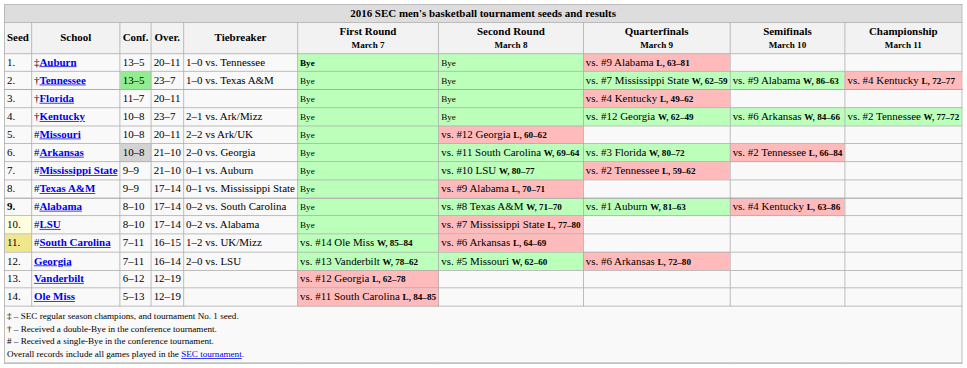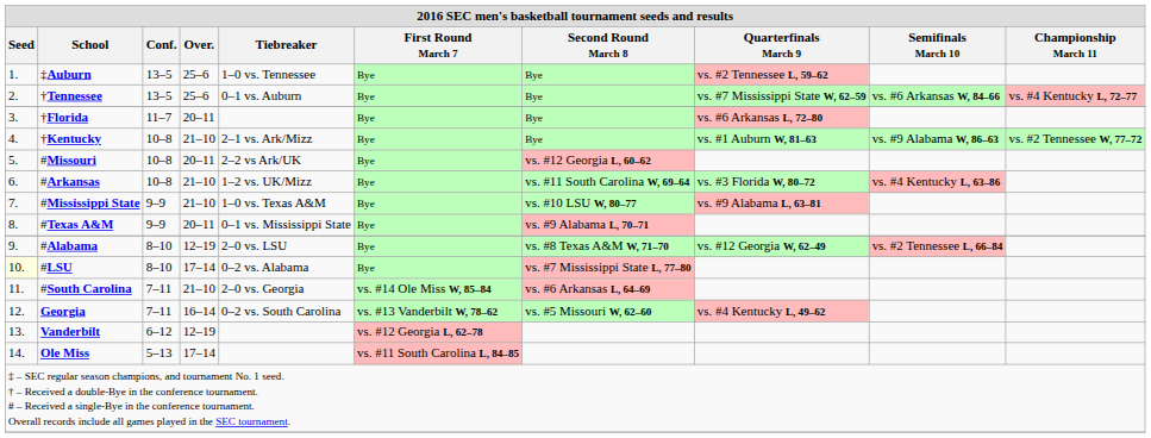 <table class="wikitable" style="white-space:nowrap; font-size:90%;">
 <tr>
 <td colspan="10" style="text-align:center; background:#DDDDDD; font:#000000"><strong>2016 SEC men's basketball tournament seeds and results</strong></td>
 </tr>
 <tr bgcolor="#efefef">
 <th>Seed</th>
 <th>School</th>
 <th>Conf.</th>
 <th>Over.</th>
 <th>Tiebreaker</th>
 <th>First Round<br><small>March 7</small></th>
 <th>Second Round<br><small>March 8</small></th>
 <th>Quarterfinals<br><small>March 9</small></th>
 <th>Semifinals<br><small>March 10</small></th>
 <th>Championship<br><small>March 11</small></th>
 </tr>
 <tr>
 <td>1.</td>
 <td>‡<strong><a href='#'>Auburn</a></strong></td>
 <td>13–5</td>
-<td>20–11</td>
+<td>25–6</td>
 <td>1–0 vs. Tennessee</td>
-<td style="background:#bfb;"><strong><small>Bye</small></strong></td>
 <td style="background:#bfb;"><small>Bye</small></td>
-<td style="background:#fbb;">vs. #9 Alabama <small><strong>L, 63–81</strong></small></td>
+<td style="background:#bfb;"><small>Bye</small></td>
+<td style="background:#fbb;">vs. #2 Tennessee <small><strong>L, 59–62</strong></small></td>
 <td></td>
 <td></td>
 </tr>
 <tr>
 <td>2.</td>
 <td>†<strong><a href='#'>Tennessee</a></strong></td>
-<td style="background: lightgreen;">13–5</td>
-<td>23–7</td>
-<td>1–0 vs. Texas A&M</td>
+<td>13–5</td>
+<td>25–6</td>
+<td>0–1 vs. Auburn</td>
 <td style="background:#bfb;"><small>Bye</small></td>
 <td style="background:#bfb;"><small>Bye</small></td>
 <td style="background:#bfb;">vs. #7 Mississippi State <small><strong>W, 62–59</strong></small></td>
-<td style="background:#bfb;">vs. #9 Alabama <small><strong>W, 86–63</strong></small></td>
+<td style="background:#bfb;">vs. #6 Arkansas <small><strong>W, 84–66</strong></small></td>
 <td style="background:#fbb;">vs. #4 Kentucky <small><strong>L, 72–77</strong></small></td>
 </tr>
 <tr>
 </tr>
 <tr>
 <td>3.</td>
 <td>†<strong><a href='#'>Florida</a></strong></td>
 <td>11–7</td>
 <td>20–11</td>
 <td></td>
 <td style="background:#bfb;"><small>Bye</small></td>
 <td style="background:#bfb;"><small>Bye</small></td>
-<td style="background:#fbb;">vs. #4 Kentucky <small><strong>L, 49–62</strong></small></td>
+<td style="background:#fbb;">vs. #6 Arkansas <small><strong>L, 72–80</strong></small></td>
 <td></td>
 <td></td>
 </tr>
 <tr>
 <td>4.</td>
 <td>†<strong><a href='#'>Kentucky</a></strong></td>
 <td>10–8</td>
-<td>23–7</td>
+<td>21–10</td>
 <td>2–1 vs. Ark/Mizz</td>
 <td style="background:#bfb;"><small>Bye</small></td>
 <td style="background:#bfb;"><small>Bye</small></td>
-<td style="background:#bfb;">vs. #12 Georgia <small><strong>W, 62–49</strong></small></td>
-<td style="background:#bfb;">vs. #6 Arkansas <small><strong>W, 84–66</strong></small></td>
+<td style="background:#bfb;">vs. #1 Auburn <small><strong>W, 81–63</strong></small></td>
+<td style="background:#bfb;">vs. #9 Alabama <small><strong>W, 86–63</strong></small></td>
 <td style="background:#bfb;">vs. #2 Tennessee <small><strong>W, 77–72</strong></small></td>
 </tr>
 <tr>
 <td>5.</td>
 <td>#<strong><a href='#'>Missouri</a></strong></td>
 <td>10–8</td>
 <td>20–11</td>
 <td>2–2 vs Ark/UK</td>
 <td style="background:#bfb;"><small>Bye</small></td>
 <td style="background:#fbb;">vs. #12 Georgia <small><strong>L, 60–62</strong></small></td>
 <td></td>
 <td></td>
 <td></td>
 </tr>
 <tr>
 <td>6.</td>
 <td>#<strong><a href='#'>Arkansas</a></strong></td>
-<td style="background: lightgrey;">10–8</td>
+<td>10–8</td>
 <td>21–10</td>
-<td>2–0 vs. Georgia</td>
+<td>1–2 vs. UK/Mizz</td>
 <td style="background:#bfb;"><small>Bye</small></td>
 <td style="background:#bfb;">vs. #11 South Carolina <small><strong>W, 69–64</strong></small></td>
 <td style="background:#bfb;">vs. #3 Florida <small><strong>W, 80–72</strong></small></td>
-<td style="background:#fbb;">vs. #2 Tennessee <small><strong>L, 66–84</strong></small></td>
+<td style="background:#fbb;">vs. #4 Kentucky <small><strong>L, 63–86</strong></small></td>
 <td></td>
 </tr>
 <tr>
 <td>7.</td>
 <td>#<strong><a href='#'>Mississippi State</a></strong></td>
 <td>9–9</td>
 <td>21–10</td>
-<td>0–1 vs. Auburn</td>
+<td>1–0 vs. Texas A&M</td>
 <td style="background:#bfb;"><small>Bye</small></td>
 <td style="background:#bfb;">vs. #10 LSU <small><strong>W, 80–77</strong></small></td>
-<td style="background:#fbb;">vs. #2 Tennessee <small><strong>L, 59–62</strong></small></td>
+<td style="background:#fbb;">vs. #9 Alabama <small><strong>L, 63–81</strong></small></td>
 <td></td>
 <td></td>
 </tr>
 <tr>
 <td>8.</td>
 <td>#<strong><a href='#'>Texas A&M</a></strong></td>
 <td>9–9</td>
-<td>17–14</td>
+<td>20–11</td>
 <td>0–1 vs. Mississippi State</td>
 <td style="background:#bfb;"><small>Bye</small></td>
 <td style="background:#fbb;">vs. #9 Alabama <small><strong>L, 70–71</strong></small></td>
 <td></td>
 <td></td>
 <td></td>
 </tr>
 <tr>
 </tr>
 <tr>
-<td><strong>9.</strong></td>
+<td>9.</td>
 <td>#<strong><a href='#'>Alabama</a></strong></td>
 <td>8–10</td>
-<td>17–14</td>
-<td>0–2 vs. South Carolina</td>
+<td>12–19</td>
+<td>2–0 vs. LSU</td>
 <td style="background:#bfb;"><small>Bye</small></td>
 <td style="background:#bfb;">vs. #8 Texas A&M <small><strong>W, 71–70</strong></small></td>
-<td style="background:#bfb;">vs. #1 Auburn <small><strong>W, 81–63</strong></small></td>
-<td style="background:#fbb;">vs. #4 Kentucky <small><strong>L, 63–86</strong></small></td>
+<td style="background:#bfb;">vs. #12 Georgia <small><strong>W, 62–49</strong></small></td>
+<td style="background:#fbb;">vs. #2 Tennessee <small><strong>L, 66–84</strong></small></td>
 <td></td>
 </tr>
 <tr>
 <td style="background: lightyellow;">10.</td>
 <td>#<strong><a href='#'>LSU</a></strong></td>
 <td>8–10</td>
 <td>17–14</td>
 <td>0–2 vs. Alabama</td>
 <td style="background:#bfb;"><small>Bye</small></td>
 <td style="background:#fbb;">vs. #7 Mississippi State <small><strong>L, 77–80</strong></small></td>
 <td></td>
 <td></td>
 <td></td>
 </tr>
 <tr>
-<td style="background: khaki;">11.</td>
+<td>11.</td>
 <td>#<strong><a href='#'>South Carolina</a></strong></td>
 <td>7–11</td>
-<td>16–15</td>
-<td>1–2 vs. UK/Mizz</td>
+<td>21–10</td>
+<td>2–0 vs. Georgia</td>
 <td style="background:#bfb;">vs. #14 Ole Miss <small><strong>W, 85–84</strong></small></td>
 <td style="background:#fbb;">vs. #6 Arkansas <small><strong>L, 64–69</strong></small></td>
 <td></td>
 <td></td>
 <td></td>
 </tr>
 <tr>
 <td>12.</td>
 <td><strong><a href='#'>Georgia</a></strong></td>
 <td>7–11</td>
 <td>16–14</td>
-<td>2–0 vs. LSU</td>
+<td>0–2 vs. South Carolina</td>
 <td style="background:#bfb;">vs. #13 Vanderbilt <small><strong>W, 78–62</strong></small></td>
 <td style="background:#bfb;">vs. #5 Missouri <small><strong>W, 62–60</strong></small></td>
-<td style="background:#fbb;">vs. #6 Arkansas <small><strong>L, 72–80</strong></small></td>
+<td style="background:#fbb;">vs. #4 Kentucky <small><strong>L, 49–62</strong></small></td>
 <td></td>
 <td></td>
 </tr>
 <tr>
 <td>13.</td>
 <td><strong><a href='#'>Vanderbilt</a></strong></td>
 <td>6–12</td>
 <td>12–19</td>
 <td></td>
 <td style="background:#fbb;">vs. #12 Georgia <small><strong>L, 62–78</strong></small></td>
 <td></td>
 <td></td>
 <td></td>
 <td></td>
 </tr>
 <tr>
 <td>14.</td>
 <td><strong><a href='#'>Ole Miss</a></strong></td>
 <td>5–13</td>
-<td>12–19</td>
+<td>17–14</td>
 <td></td>
 <td style="background:#fbb;">vs. #11 South Carolina <small><strong>L, 84–85</strong></small></td>
 <td></td>
 <td></td>
 <td></td>
 <td></td>
 </tr>
 <tr>
 <td colspan="10" style="text-align:left;"><small>‡ – SEC regular season champions, and tournament No. 1 seed.<br>† – Received a double-Bye in the conference tournament.<br># – Received a single-Bye in the conference tournament.<br>Overall records include all games played in the <a href='#'>SEC tournament</a>.</small></td>
 </tr>
 <tr>
 </tr>
 </table>
